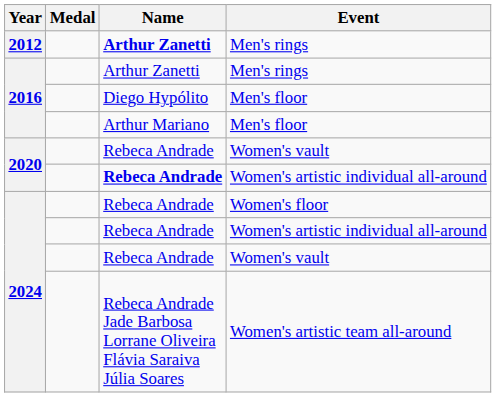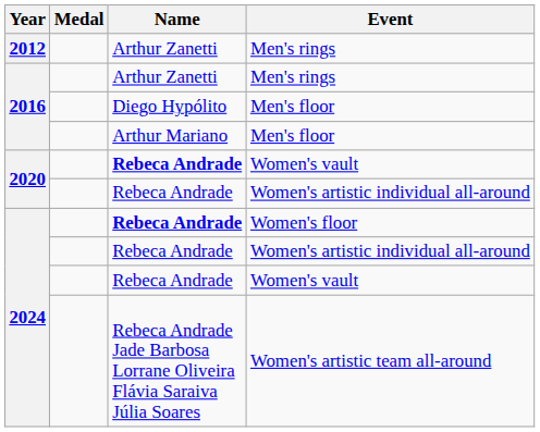 <table class="wikitable sortable">
 <tr>
 <th>Year</th>
 <th>Medal</th>
 <th>Name</th>
 <th>Event</th>
 </tr>
 <tr>
 <th><a href='#'>2012</a></th>
 <td></td>
-<td><strong><a href='#'>Arthur Zanetti</a></strong></td>
+<td><a href='#'>Arthur Zanetti</a></td>
 <td><a href='#'> Men's rings</a></td>
 </tr>
 <tr>
 <th rowspan=3><a href='#'>2016</a></th>
 <td></td>
 <td><a href='#'>Arthur Zanetti</a></td>
 <td><a href='#'> Men's rings</a></td>
 </tr>
 <tr>
 <td></td>
 <td><a href='#'>Diego Hypólito</a></td>
 <td><a href='#'> Men's floor</a></td>
 </tr>
 <tr>
 <td></td>
 <td><a href='#'>Arthur Mariano</a></td>
 <td><a href='#'> Men's floor</a></td>
 </tr>
 <tr>
 <th rowspan=2><a href='#'>2020</a></th>
 <td></td>
-<td><a href='#'>Rebeca Andrade</a></td>
+<td><strong><a href='#'>Rebeca Andrade</a></strong></td>
 <td><a href='#'>Women's vault</a></td>
 </tr>
 <tr>
 <td></td>
-<td><strong><a href='#'>Rebeca Andrade</a></strong></td>
+<td><a href='#'>Rebeca Andrade</a></td>
 <td><a href='#'> Women's artistic individual all-around</a></td>
 </tr>
 <tr>
 <th rowspan=4><a href='#'>2024</a></th>
 <td></td>
-<td><a href='#'>Rebeca Andrade</a></td>
+<td><strong><a href='#'>Rebeca Andrade</a></strong></td>
 <td><a href='#'> Women's floor</a></td>
 </tr>
 <tr>
 <td></td>
 <td><a href='#'>Rebeca Andrade</a></td>
 <td><a href='#'> Women's artistic individual all-around</a></td>
 </tr>
 <tr>
 <td></td>
 <td><a href='#'>Rebeca Andrade</a></td>
 <td><a href='#'> Women's vault</a></td>
 </tr>
 <tr>
 <td></td>
 <td><br><a href='#'>Rebeca Andrade</a><br><a href='#'>Jade Barbosa</a><br><a href='#'>Lorrane Oliveira</a><br><a href='#'>Flávia Saraiva</a><br><a href='#'>Júlia Soares</a></td>
 <td><a href='#'>Women's artistic team all-around</a></td>
 </tr>
 </table>
